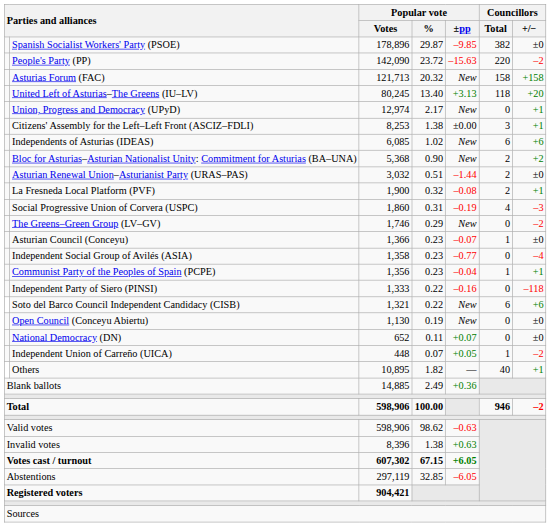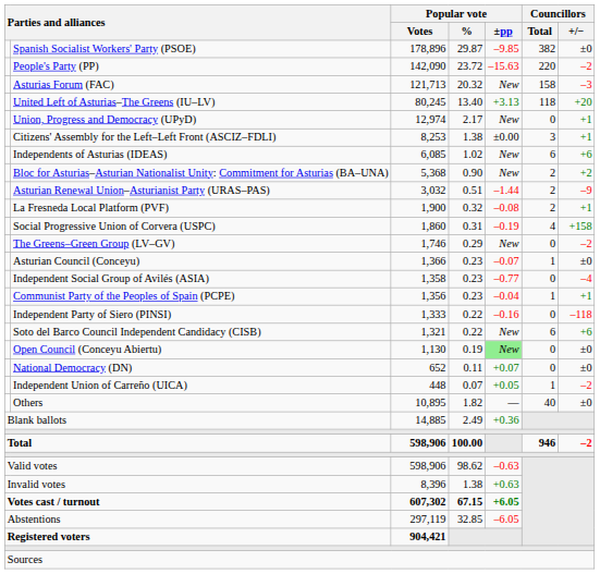 <table class="wikitable" style="text-align:right;">
 <tr>
 <th style="text-align:left;" rowspan="2" colspan="2" width="525">Parties and alliances</th>
 <th colspan="3">Popular vote</th>
 <th colspan="2">Councillors</th>
 </tr>
 <tr>
 <th width="75">Votes</th>
 <th width="45">%</th>
 <th width="45">±<a href='#'>pp</a></th>
 <th width="45">Total</th>
 <th width="45">+/−</th>
 </tr>
 <tr>
 <td width="1" style="color:inherit;background:"></td>
 <td align="left"><a href='#'>Spanish Socialist Workers' Party</a> (PSOE)</td>
 <td>178,896</td>
 <td>29.87</td>
 <td style="color:red;">–9.85</td>
 <td>382</td>
 <td>±0</td>
 </tr>
 <tr>
 <td style="color:inherit;background:"></td>
 <td align="left"><a href='#'>People's Party</a> (PP)</td>
 <td>142,090</td>
 <td>23.72</td>
 <td style="color:red;">–15.63</td>
 <td>220</td>
 <td style="color:red;">–2</td>
 </tr>
 <tr>
 <td style="color:inherit;background:"></td>
 <td align="left"><a href='#'>Asturias Forum</a> (FAC)</td>
 <td>121,713</td>
 <td>20.32</td>
 <td><em>New</em></td>
 <td>158</td>
-<td style="color:green;">+158</td>
+<td style="color:red;">–3</td>
 </tr>
 <tr>
 <td style="color:inherit;background:"></td>
 <td align="left"><a href='#'>United Left of Asturias</a>–<a href='#'>The Greens</a> (IU–LV)</td>
 <td>80,245</td>
 <td>13.40</td>
 <td style="color:green;">+3.13</td>
 <td>118</td>
 <td style="color:green;">+20</td>
 </tr>
 <tr>
 <td style="color:inherit;background:"></td>
 <td align="left"><a href='#'>Union, Progress and Democracy</a> (UPyD)</td>
 <td>12,974</td>
 <td>2.17</td>
 <td><em>New</em></td>
 <td>0</td>
 <td style="color:green;">+1</td>
 </tr>
 <tr>
 <td style="color:inherit;background:"></td>
 <td align="left">Citizens' Assembly for the Left–Left Front (ASCIZ–FDLI)</td>
 <td>8,253</td>
 <td>1.38</td>
 <td>±0.00</td>
 <td>3</td>
 <td style="color:green;">+1</td>
 </tr>
 <tr>
 <td style="color:inherit;background:"></td>
 <td align="left">Independents of Asturias (IDEAS)</td>
 <td>6,085</td>
 <td>1.02</td>
 <td><em>New</em></td>
 <td>6</td>
 <td style="color:green;">+6</td>
 </tr>
 <tr>
 <td style="color:inherit;background:"></td>
 <td align="left"><a href='#'>Bloc for Asturias</a>–<a href='#'>Asturian Nationalist Unity</a>: <a href='#'>Commitment for Asturias</a> (BA–UNA)</td>
 <td>5,368</td>
 <td>0.90</td>
 <td><em>New</em></td>
 <td>2</td>
 <td style="color:green;">+2</td>
 </tr>
 <tr>
 <td style="color:inherit;background:"></td>
 <td align="left"><a href='#'>Asturian Renewal Union</a>–<a href='#'>Asturianist Party</a> (URAS–PAS)</td>
 <td>3,032</td>
 <td>0.51</td>
 <td style="color:red;">–1.44</td>
 <td>2</td>
-<td>±0</td>
+<td style="color:red;">–9</td>
 </tr>
 <tr>
 <td style="color:inherit;background:"></td>
 <td align="left">La Fresneda Local Platform (PVF)</td>
 <td>1,900</td>
 <td>0.32</td>
 <td style="color:red;">–0.08</td>
 <td>2</td>
 <td style="color:green;">+1</td>
 </tr>
 <tr>
 <td style="color:inherit;background:"></td>
 <td align="left">Social Progressive Union of Corvera (USPC)</td>
 <td>1,860</td>
 <td>0.31</td>
 <td style="color:red;">–0.19</td>
 <td>4</td>
-<td style="color:red;">–3</td>
+<td style="color:green;">+158</td>
 </tr>
 <tr>
 <td style="color:inherit;background:"></td>
 <td align="left"><a href='#'>The Greens–Green Group</a> (LV–GV)</td>
 <td>1,746</td>
 <td>0.29</td>
 <td><em>New</em></td>
 <td>0</td>
 <td style="color:red;">–2</td>
 </tr>
 <tr>
 <td style="color:inherit;background:"></td>
 <td align="left">Asturian Council (Conceyu)</td>
 <td>1,366</td>
 <td>0.23</td>
 <td style="color:red;">–0.07</td>
 <td>1</td>
 <td>±0</td>
 </tr>
 <tr>
 <td style="color:inherit;background:"></td>
 <td align="left">Independent Social Group of Avilés (ASIA)</td>
 <td>1,358</td>
 <td>0.23</td>
 <td style="color:red;">–0.77</td>
 <td>0</td>
 <td style="color:red;">–4</td>
 </tr>
 <tr>
 <td style="color:inherit;background:"></td>
 <td align="left"><a href='#'>Communist Party of the Peoples of Spain</a> (PCPE)</td>
 <td>1,356</td>
 <td>0.23</td>
 <td style="color:red;">–0.04</td>
 <td>1</td>
 <td style="color:green;">+1</td>
 </tr>
 <tr>
 <td style="color:inherit;background:"></td>
 <td align="left">Independent Party of Siero (PINSI)</td>
 <td>1,333</td>
 <td>0.22</td>
 <td style="color:red;">–0.16</td>
 <td>0</td>
 <td style="color:red;">–118</td>
 </tr>
 <tr>
 <td bgcolor="white"></td>
 <td align="left">Soto del Barco Council Independent Candidacy (CISB)</td>
 <td>1,321</td>
 <td>0.22</td>
 <td><em>New</em></td>
 <td>6</td>
 <td style="color:green;">+6</td>
 </tr>
 <tr>
 <td style="color:inherit;background:"></td>
 <td align="left"><a href='#'>Open Council</a> (Conceyu Abiertu)</td>
 <td>1,130</td>
 <td>0.19</td>
-<td><em>New</em></td>
+<td style="background: lightgreen;"><em>New</em></td>
 <td>0</td>
 <td>±0</td>
 </tr>
 <tr>
 <td style="color:inherit;background:"></td>
 <td align="left"><a href='#'>National Democracy</a> (DN)</td>
 <td>652</td>
 <td>0.11</td>
 <td style="color:green;">+0.07</td>
 <td>0</td>
 <td>±0</td>
 </tr>
 <tr>
 <td style="color:inherit;background:"></td>
 <td align="left">Independent Union of Carreño (UICA)</td>
 <td>448</td>
 <td>0.07</td>
 <td style="color:green;">+0.05</td>
 <td>1</td>
 <td style="color:red;">–2</td>
 </tr>
 <tr>
 <td bgcolor="white"></td>
 <td align="left">Others</td>
 <td>10,895</td>
 <td>1.82</td>
 <td>—</td>
 <td>40</td>
-<td style="color:green;">+1</td>
+<td>±0</td>
 </tr>
 <tr>
 <td align="left" colspan="2">Blank ballots</td>
 <td>14,885</td>
 <td>2.49</td>
 <td style="color:green;">+0.36</td>
 <td bgcolor="#E9E9E9" colspan="2"></td>
 </tr>
 <tr>
 <td colspan="7" bgcolor="#E9E9E9"></td>
 </tr>
 <tr style="font-weight:bold;">
 <td align="left" colspan="2">Total</td>
 <td>598,906</td>
 <td>100.00</td>
 <td bgcolor="#E9E9E9"></td>
 <td>946</td>
 <td style="color:red;">–2</td>
 </tr>
 <tr>
 <td colspan="7" bgcolor="#E9E9E9"></td>
 </tr>
 <tr>
 <td align="left" colspan="2">Valid votes</td>
 <td>598,906</td>
 <td>98.62</td>
 <td style="color:red;">–0.63</td>
 <td bgcolor="#E9E9E9" colspan="2" rowspan="5"></td>
 </tr>
 <tr>
 <td align="left" colspan="2">Invalid votes</td>
 <td>8,396</td>
 <td>1.38</td>
 <td style="color:green;">+0.63</td>
 </tr>
 <tr style="font-weight:bold;">
 <td align="left" colspan="2">Votes cast / turnout</td>
 <td>607,302</td>
 <td>67.15</td>
 <td style="color:green;">+6.05</td>
 </tr>
 <tr>
 <td align="left" colspan="2">Abstentions</td>
 <td>297,119</td>
 <td>32.85</td>
 <td style="color:red;">–6.05</td>
 </tr>
 <tr style="font-weight:bold;">
 <td align="left" colspan="2">Registered voters</td>
 <td>904,421</td>
 <td bgcolor="#E9E9E9" colspan="2"></td>
 </tr>
 <tr>
 <td colspan="7" bgcolor="#E9E9E9"></td>
 </tr>
 <tr>
 <td align="left" colspan="7">Sources</td>
 </tr>
 </table>
